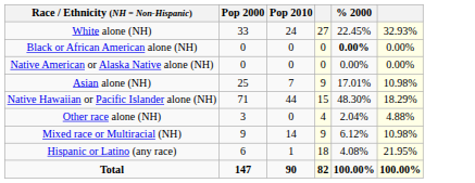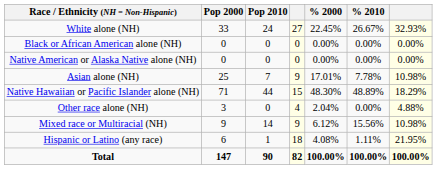 <table class="wikitable" style="text-align:center;">
 <tr>
 <th>Race / Ethnicity <small>(<em>NH = Non-Hispanic</em>)</small></th>
 <th>Pop 2000</th>
 <th>Pop 2010</th>
 <th></th>
 <th>% 2000</th>
+<th>% 2010</th>
 <th></th>
 </tr>
 <tr>
 <td><a href='#'>White</a> alone (NH)</td>
 <td>33</td>
 <td>24</td>
 <td style='background: #ffffe6;'>27</td>
 <td>22.45%</td>
+<td>26.67%</td>
 <td style='background: #ffffe6;'>32.93%</td>
 </tr>
 <tr>
 <td><a href='#'>Black or African American</a> alone (NH)</td>
 <td>0</td>
 <td>0</td>
 <td style='background: #ffffe6;'>0</td>
-<td><strong>0.00%</strong></td>
+<td>0.00%</td>
+<td>0.00%</td>
 <td style='background: #ffffe6;'>0.00%</td>
 </tr>
 <tr>
 <td><a href='#'>Native American</a> or <a href='#'>Alaska Native</a> alone (NH)</td>
 <td>0</td>
 <td>0</td>
 <td style='background: #ffffe6;'>0</td>
+<td>0.00%</td>
 <td>0.00%</td>
 <td style='background: #ffffe6;'>0.00%</td>
 </tr>
 <tr>
 <td><a href='#'>Asian</a> alone (NH)</td>
 <td>25</td>
 <td>7</td>
 <td style='background: #ffffe6;'>9</td>
 <td>17.01%</td>
+<td>7.78%</td>
 <td style='background: #ffffe6;'>10.98%</td>
 </tr>
 <tr>
 <td><a href='#'>Native Hawaiian</a> or <a href='#'>Pacific Islander</a> alone (NH)</td>
 <td>71</td>
 <td>44</td>
 <td style='background: #ffffe6;'>15</td>
 <td>48.30%</td>
+<td>48.89%</td>
 <td style='background: #ffffe6;'>18.29%</td>
 </tr>
 <tr>
 <td><a href='#'>Other race</a> alone (NH)</td>
 <td>3</td>
 <td>0</td>
 <td style='background: #ffffe6;'>4</td>
 <td>2.04%</td>
+<td>0.00%</td>
 <td style='background: #ffffe6;'>4.88%</td>
 </tr>
 <tr>
 <td><a href='#'>Mixed race or Multiracial</a> (NH)</td>
 <td>9</td>
 <td>14</td>
 <td style='background: #ffffe6;'>9</td>
 <td>6.12%</td>
+<td>15.56%</td>
 <td style='background: #ffffe6;'>10.98%</td>
 </tr>
 <tr>
 <td><a href='#'>Hispanic or Latino</a> (any race)</td>
 <td>6</td>
 <td>1</td>
 <td style='background: #ffffe6;'>18</td>
 <td>4.08%</td>
+<td>1.11%</td>
 <td style='background: #ffffe6;'>21.95%</td>
 </tr>
 <tr>
 <td><strong>Total</strong></td>
 <td><strong>147</strong></td>
 <td><strong>90</strong></td>
 <td style='background: #ffffe6;'><strong>82</strong></td>
 <td><strong>100.00%</strong></td>
+<td><strong>100.00%</strong></td>
 <td style='background: #ffffe6;'><strong>100.00%</strong></td>
 </tr>
 </table>
